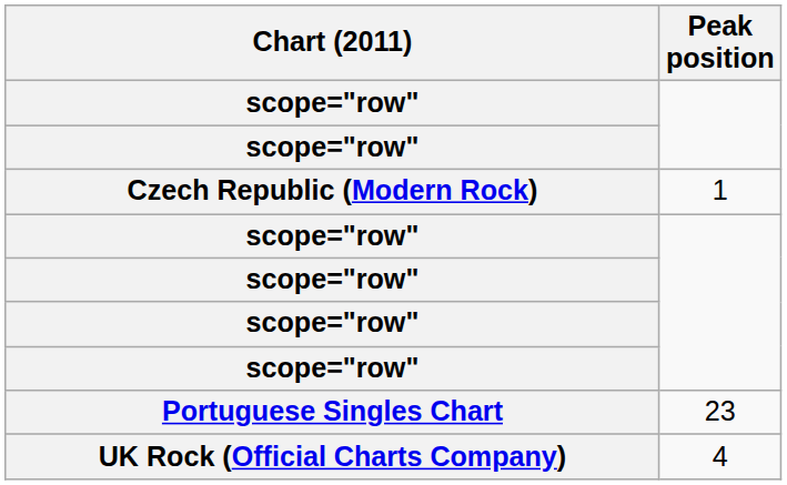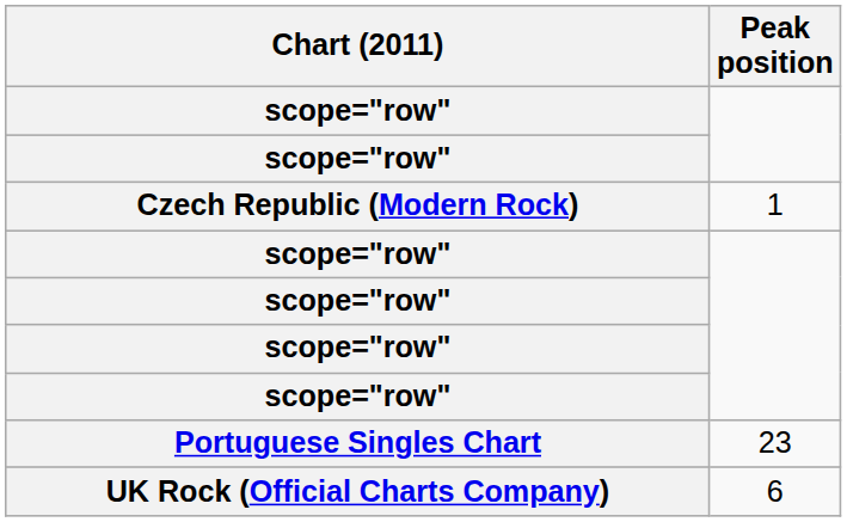 <table class="wikitable sortable plainrowheaders">
 <tr>
 <th scope="col" style="width:23em;">Chart (2011)</th>
 <th scope="col">Peak<br>position</th>
 </tr>
 <tr>
 <th>scope="row" </th>
 </tr>
 <tr>
 <th>scope="row" </th>
 </tr>
 <tr>
 <th scope="row">Czech Republic (<a href='#'>Modern Rock</a>)</th>
 <td style="text-align:center;">1</td>
 </tr>
 <tr>
 <th>scope="row" </th>
 </tr>
 <tr>
 <th>scope="row" </th>
 </tr>
 <tr>
 <th>scope="row" </th>
 </tr>
 <tr>
 <th>scope="row" </th>
 </tr>
 <tr>
 <th scope="row"><a href='#'>Portuguese Singles Chart</a></th>
 <td style="text-align:center;">23</td>
 </tr>
 <tr>
 <th scope="row">UK Rock (<a href='#'>Official Charts Company</a>)</th>
-<td style="text-align:center;">4</td>
+<td style="text-align:center;">6</td>
 </tr>
 </table>
